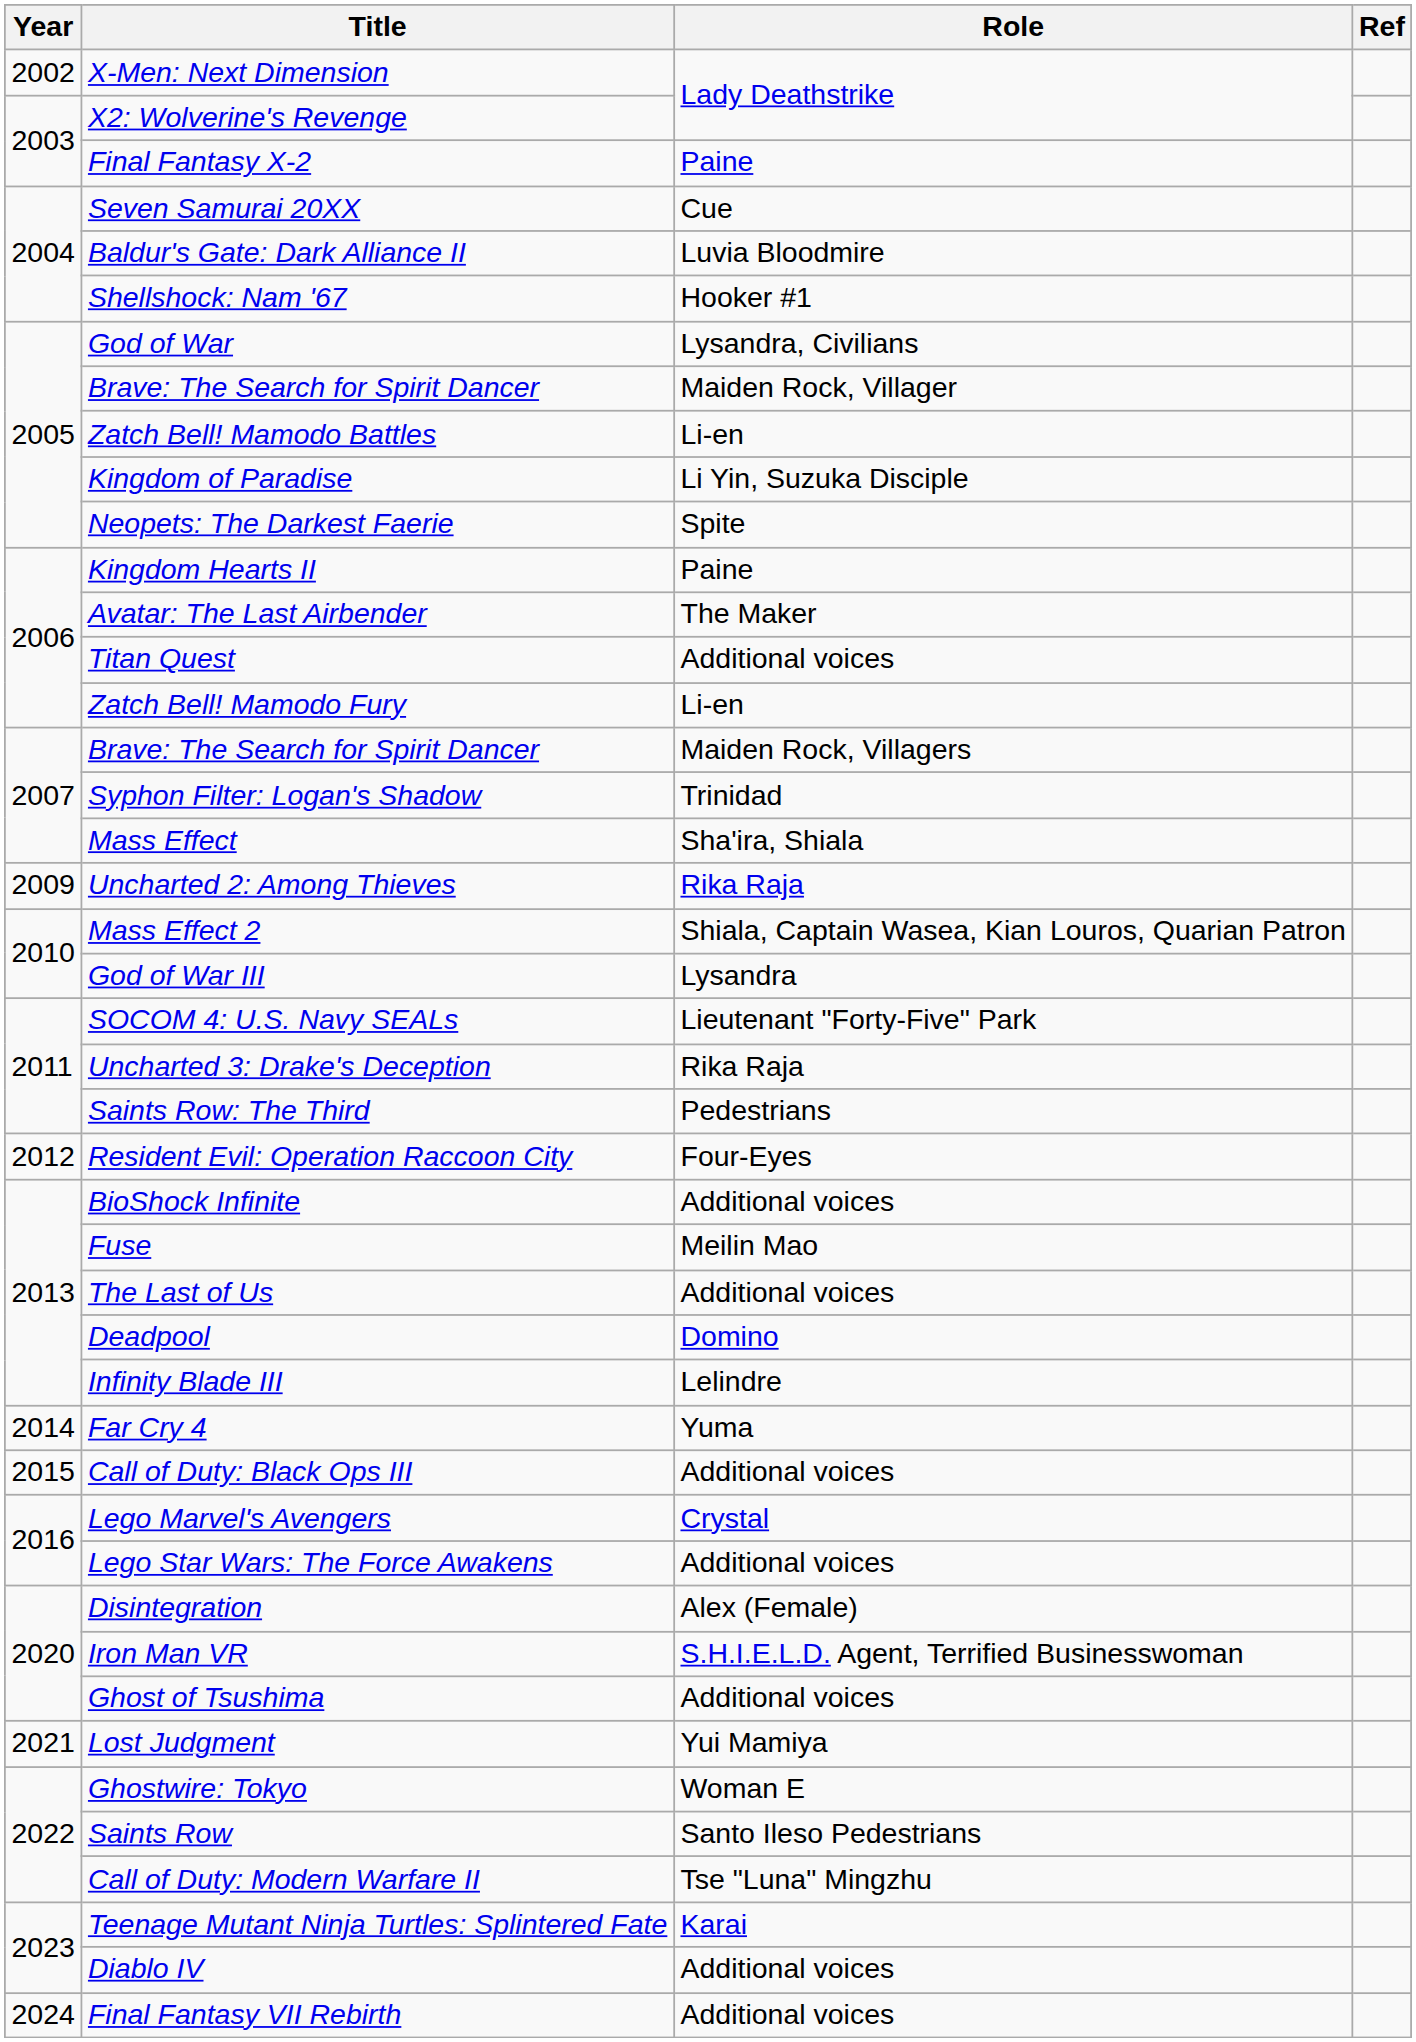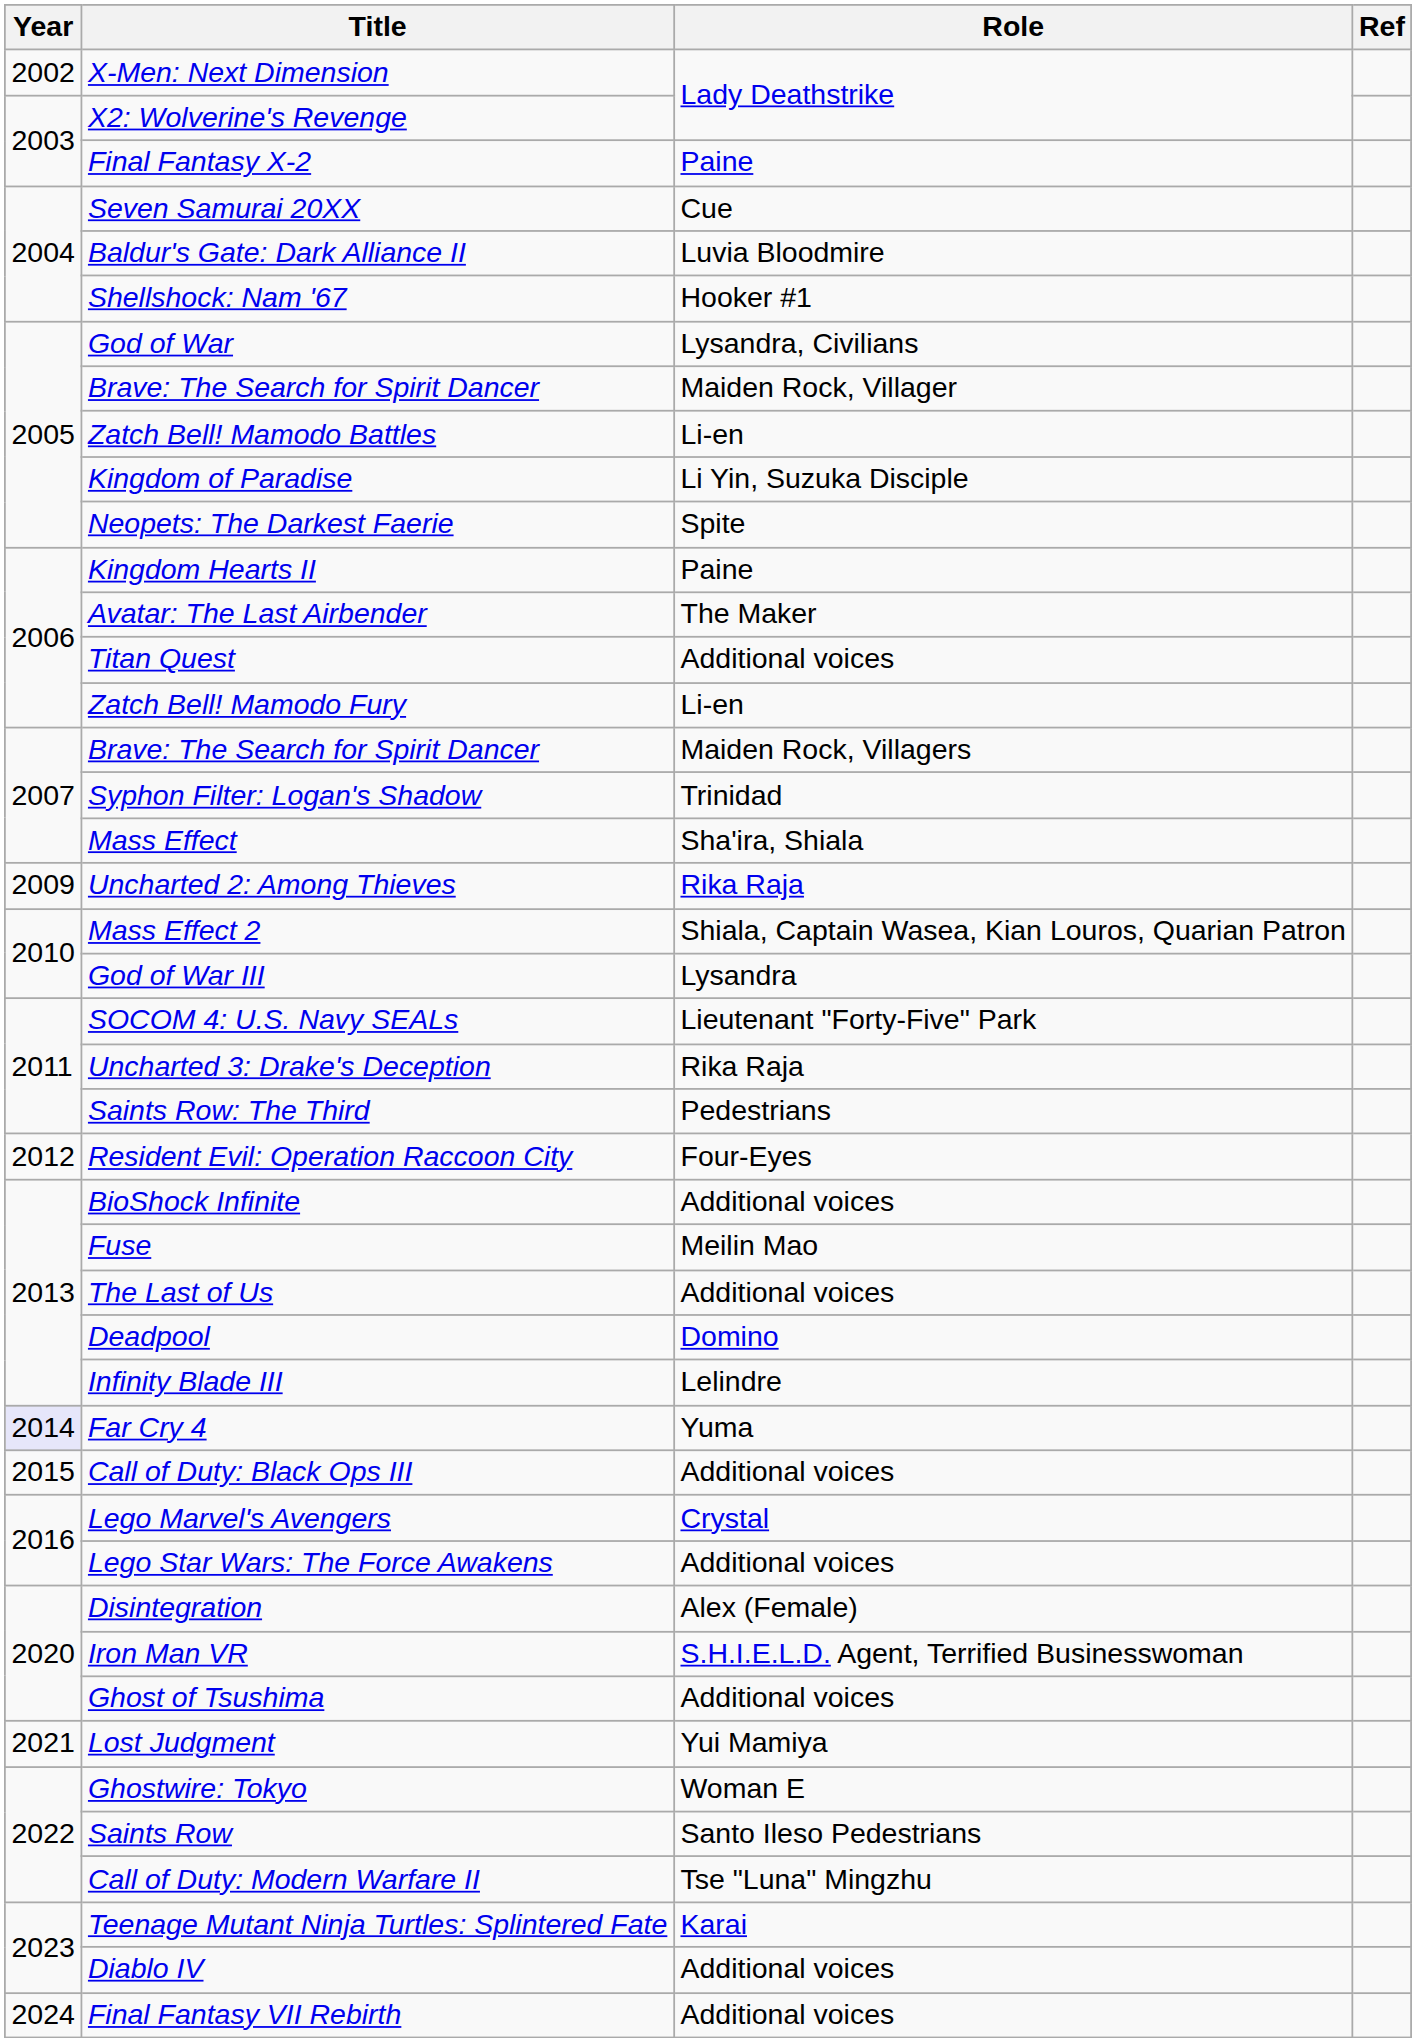 <table class="wikitable sortable">
 <tr>
 <th>Year</th>
 <th>Title</th>
 <th>Role</th>
 <th>Ref</th>
 </tr>
 <tr>
 <td>2002</td>
 <td><em><a href='#'>X-Men: Next Dimension</a></em></td>
 <td rowspan="2"><a href='#'>Lady Deathstrike</a></td>
 <td></td>
 </tr>
 <tr>
 <td rowspan="2">2003</td>
 <td><em><a href='#'>X2: Wolverine's Revenge</a></em></td>
 <td></td>
 </tr>
 <tr>
 <td><em><a href='#'>Final Fantasy X-2</a></em></td>
 <td><a href='#'>Paine</a></td>
 <td></td>
 </tr>
 <tr>
 <td rowspan="3">2004</td>
 <td><em><a href='#'>Seven Samurai 20XX</a></em></td>
 <td>Cue</td>
 <td></td>
 </tr>
 <tr>
 <td><em><a href='#'>Baldur's Gate: Dark Alliance II</a></em></td>
 <td>Luvia Bloodmire</td>
 <td></td>
 </tr>
 <tr>
 <td><em><a href='#'>Shellshock: Nam '67</a></em></td>
 <td>Hooker #1</td>
 <td></td>
 </tr>
 <tr>
 <td rowspan="5">2005</td>
 <td><em><a href='#'>God of War</a></em></td>
 <td>Lysandra, Civilians</td>
 <td></td>
 </tr>
 <tr>
 <td><em><a href='#'>Brave: The Search for Spirit Dancer</a></em></td>
 <td>Maiden Rock, Villager</td>
 <td></td>
 </tr>
 <tr>
 <td><em><a href='#'>Zatch Bell! Mamodo Battles</a></em></td>
 <td>Li-en</td>
 <td></td>
 </tr>
 <tr>
 <td><em><a href='#'>Kingdom of Paradise</a></em></td>
 <td>Li Yin, Suzuka Disciple</td>
 <td></td>
 </tr>
 <tr>
 <td><em><a href='#'>Neopets: The Darkest Faerie</a></em></td>
 <td>Spite</td>
 <td></td>
 </tr>
 <tr>
 <td rowspan="4">2006</td>
 <td><em><a href='#'>Kingdom Hearts II</a></em></td>
 <td>Paine</td>
 <td></td>
 </tr>
 <tr>
 <td><em><a href='#'>Avatar: The Last Airbender</a></em></td>
 <td>The Maker</td>
 <td></td>
 </tr>
 <tr>
 <td><em><a href='#'>Titan Quest</a></em></td>
 <td>Additional voices</td>
 <td></td>
 </tr>
 <tr>
 <td><em><a href='#'>Zatch Bell! Mamodo Fury</a></em></td>
 <td>Li-en</td>
 <td></td>
 </tr>
 <tr>
 <td rowspan="3">2007</td>
 <td><em><a href='#'>Brave: The Search for Spirit Dancer</a></em></td>
 <td>Maiden Rock, Villagers</td>
 <td></td>
 </tr>
 <tr>
 <td><em><a href='#'>Syphon Filter: Logan's Shadow</a></em></td>
 <td>Trinidad</td>
 <td></td>
 </tr>
 <tr>
 <td><em><a href='#'>Mass Effect</a></em></td>
 <td>Sha'ira, Shiala</td>
 <td></td>
 </tr>
 <tr>
 <td>2009</td>
 <td><em><a href='#'>Uncharted 2: Among Thieves</a></em></td>
 <td><a href='#'>Rika Raja</a></td>
 <td></td>
 </tr>
 <tr>
 <td rowspan="2">2010</td>
 <td><em><a href='#'>Mass Effect 2</a></em></td>
 <td>Shiala, Captain Wasea, Kian Louros, Quarian Patron</td>
 <td></td>
 </tr>
 <tr>
 <td><em><a href='#'>God of War III</a></em></td>
 <td>Lysandra</td>
 <td></td>
 </tr>
 <tr>
 <td rowspan="3">2011</td>
 <td><em><a href='#'>SOCOM 4: U.S. Navy SEALs</a></em></td>
 <td>Lieutenant "Forty-Five" Park</td>
 <td></td>
 </tr>
 <tr>
 <td><em><a href='#'>Uncharted 3: Drake's Deception</a></em></td>
 <td>Rika Raja</td>
 <td></td>
 </tr>
 <tr>
 <td><em><a href='#'>Saints Row: The Third</a></em></td>
 <td>Pedestrians</td>
 <td></td>
 </tr>
 <tr>
 <td>2012</td>
 <td><em><a href='#'>Resident Evil: Operation Raccoon City</a></em></td>
 <td>Four-Eyes</td>
 <td></td>
 </tr>
 <tr>
 <td rowspan="5">2013</td>
 <td><em><a href='#'>BioShock Infinite</a></em></td>
 <td>Additional voices</td>
 <td></td>
 </tr>
 <tr>
 <td><em><a href='#'>Fuse</a></em></td>
 <td>Meilin Mao</td>
 <td></td>
 </tr>
 <tr>
 <td><em><a href='#'>The Last of Us</a></em></td>
 <td>Additional voices</td>
 <td></td>
 </tr>
 <tr>
 <td><em><a href='#'>Deadpool</a></em></td>
 <td><a href='#'>Domino</a></td>
 <td></td>
 </tr>
 <tr>
 <td><em><a href='#'>Infinity Blade III</a></em></td>
 <td>Lelindre</td>
 <td></td>
 </tr>
 <tr>
-<td>2014</td>
+<td style="background: lavender;">2014</td>
 <td><em><a href='#'>Far Cry 4</a></em></td>
 <td>Yuma</td>
 <td></td>
 </tr>
 <tr>
 <td>2015</td>
 <td><em><a href='#'>Call of Duty: Black Ops III</a></em></td>
 <td>Additional voices</td>
 <td></td>
 </tr>
 <tr>
 <td rowspan="2">2016</td>
 <td><em><a href='#'>Lego Marvel's Avengers</a></em></td>
 <td><a href='#'>Crystal</a></td>
 <td></td>
 </tr>
 <tr>
 <td><em><a href='#'>Lego Star Wars: The Force Awakens</a></em></td>
 <td>Additional voices</td>
 <td></td>
 </tr>
 <tr>
 <td rowspan="3">2020</td>
 <td><em><a href='#'>Disintegration</a></em></td>
 <td>Alex (Female)</td>
 <td></td>
 </tr>
 <tr>
 <td><em><a href='#'>Iron Man VR</a></em></td>
 <td><a href='#'>S.H.I.E.L.D.</a> Agent, Terrified Businesswoman</td>
 <td></td>
 </tr>
 <tr>
 <td><em><a href='#'>Ghost of Tsushima</a></em></td>
 <td>Additional voices</td>
 <td></td>
 </tr>
 <tr>
 <td>2021</td>
 <td><em><a href='#'>Lost Judgment</a></em></td>
 <td>Yui Mamiya</td>
 <td></td>
 </tr>
 <tr>
 <td rowspan="3">2022</td>
 <td><em><a href='#'>Ghostwire: Tokyo</a></em></td>
 <td>Woman E</td>
 <td></td>
 </tr>
 <tr>
 <td><em><a href='#'>Saints Row</a></em></td>
 <td>Santo Ileso Pedestrians</td>
 <td></td>
 </tr>
 <tr>
 <td><a href='#'><em>Call of Duty: Modern Warfare II</em></a></td>
 <td>Tse "Luna" Mingzhu</td>
 <td></td>
 </tr>
 <tr>
 <td rowspan="2">2023</td>
 <td><em><a href='#'>Teenage Mutant Ninja Turtles: Splintered Fate</a></em></td>
 <td><a href='#'>Karai</a></td>
 <td></td>
 </tr>
 <tr>
 <td><em><a href='#'>Diablo IV</a></em></td>
 <td>Additional voices</td>
 <td></td>
 </tr>
 <tr>
 <td>2024</td>
 <td><em><a href='#'>Final Fantasy VII Rebirth</a></em></td>
 <td>Additional voices</td>
 <td></td>
 </tr>
 <tr>
 </tr>
 </table>
